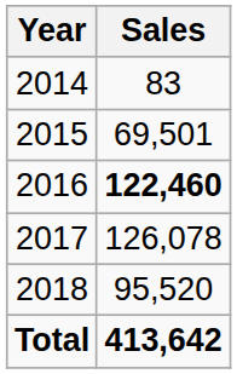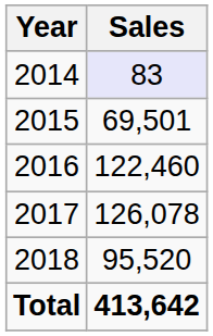 <table class="wikitable" style="float:center; clear:center; margin:0 0 1em 1em; text-align:center;">
 <tr>
 <th>Year</th>
 <th>Sales</th>
 </tr>
 <tr>
 <td>2014</td>
-<td>83</td>
+<td style="background: lavender;">83</td>
 </tr>
 <tr>
 <td>2015</td>
 <td>69,501</td>
 </tr>
 <tr>
 <td>2016</td>
-<td><strong>122,460</strong></td>
+<td>122,460</td>
 </tr>
 <tr>
 <td>2017</td>
 <td>126,078</td>
 </tr>
 <tr>
 <td>2018</td>
 <td>95,520</td>
 </tr>
 <tr>
 <td><strong>Total</strong></td>
 <td><strong>413,642</strong></td>
 </tr>
 </table>
